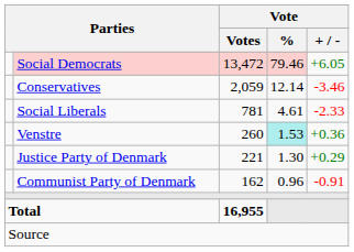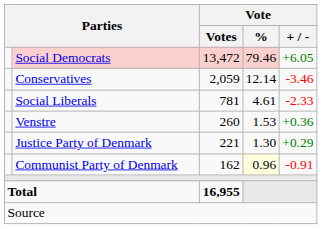 <table class="wikitable" style="text-align:right;">
 <tr>
 <th style="text-align:centre;" rowspan="2" colspan="2" width="225">Parties</th>
 <th colspan="3">Vote</th>
 </tr>
 <tr>
 <th width="15">Votes</th>
 <th width="15">%</th>
 <th width="15">+ / -</th>
 </tr>
 <tr>
 <td width="2" style="color:inherit;background:"></td>
 <td bgcolor=#fbd0ce  align="left"><a href='#'>Social Democrats</a></td>
 <td bgcolor=#fbd0ce>13,472</td>
 <td bgcolor=#fbd0ce>79.46</td>
 <td style=color:green;>+6.05</td>
 </tr>
 <tr>
 <td width="2" style="color:inherit;background:"></td>
 <td align="left"><a href='#'>Conservatives</a></td>
 <td>2,059</td>
 <td>12.14</td>
 <td style=color:red;>-3.46</td>
 </tr>
 <tr>
 <td width="2" style="color:inherit;background:"></td>
 <td align="left"><a href='#'>Social Liberals</a></td>
 <td>781</td>
 <td>4.61</td>
 <td style=color:red;>-2.33</td>
 </tr>
 <tr>
 <td width="2" style="color:inherit;background:"></td>
 <td align="left"><a href='#'>Venstre</a></td>
 <td>260</td>
-<td style="background: paleturquoise;">1.53</td>
+<td>1.53</td>
 <td style=color:green;>+0.36</td>
 </tr>
 <tr>
 <td width="2" style="color:inherit;background:"></td>
 <td align="left"><a href='#'>Justice Party of Denmark</a></td>
 <td>221</td>
 <td>1.30</td>
 <td style=color:green;>+0.29</td>
 </tr>
 <tr>
 <td width="2" style="color:inherit;background:"></td>
 <td align="left"><a href='#'>Communist Party of Denmark</a></td>
 <td>162</td>
-<td>0.96</td>
+<td style="background: lightyellow;">0.96</td>
 <td style=color:red;>-0.91</td>
 </tr>
 <tr>
 <td colspan="7" bgcolor="#E9E9E9"></td>
 </tr>
 <tr>
 <td align="left" colspan="2"><strong>Total</strong></td>
 <td><strong>16,955</strong></td>
 <td bgcolor="#E9E9E9" colspan="2"></td>
 </tr>
 <tr>
 <td align="left" colspan="6">Source</td>
 </tr>
 </table>
